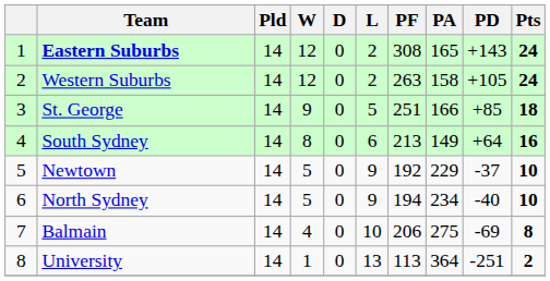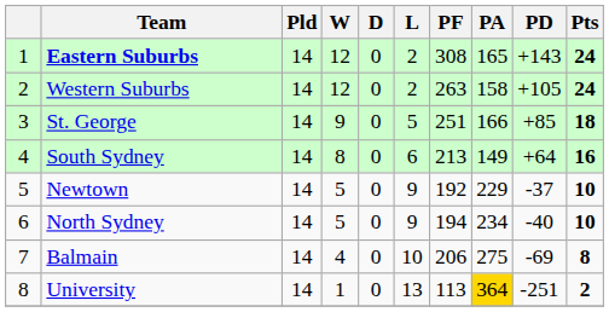 <table class="wikitable" style="text-align:center;">
 <tr>
 <th width=20 abbr="Position"></th>
 <th width=175>Team</th>
 <th width=20 abbr="Played">Pld</th>
 <th width=20 abbr="Won">W</th>
 <th width=20 abbr="Drawn">D</th>
 <th width=20 abbr="Lost">L</th>
 <th width=20 abbr="Points for">PF</th>
 <th width=20 abbr="Points against">PA</th>
 <th width=20 abbr="Points difference">PD</th>
 <th width=20 abbr="Points">Pts</th>
 </tr>
 <tr style="background: #ccffcc;">
 <td>1</td>
 <td style="text-align:left;"> <strong><a href='#'>Eastern Suburbs</a></strong></td>
 <td>14</td>
 <td>12</td>
 <td>0</td>
 <td>2</td>
 <td>308</td>
 <td>165</td>
 <td>+143</td>
 <td><strong>24</strong></td>
 </tr>
 <tr style="background: #ccffcc;">
 <td>2</td>
 <td style="text-align:left;"> <a href='#'>Western Suburbs</a></td>
 <td>14</td>
 <td>12</td>
 <td>0</td>
 <td>2</td>
 <td>263</td>
 <td>158</td>
 <td>+105</td>
 <td><strong>24</strong></td>
 </tr>
 <tr style="background: #ccffcc;">
 <td>3</td>
 <td style="text-align:left;"> <a href='#'>St. George</a></td>
 <td>14</td>
 <td>9</td>
 <td>0</td>
 <td>5</td>
 <td>251</td>
 <td>166</td>
 <td>+85</td>
 <td><strong>18</strong></td>
 </tr>
 <tr style="background: #ccffcc;">
 <td>4</td>
 <td style="text-align:left;"> <a href='#'>South Sydney</a></td>
 <td>14</td>
 <td>8</td>
 <td>0</td>
 <td>6</td>
 <td>213</td>
 <td>149</td>
 <td>+64</td>
 <td><strong>16</strong></td>
 </tr>
 <tr>
 <td>5</td>
 <td style="text-align:left;"> <a href='#'>Newtown</a></td>
 <td>14</td>
 <td>5</td>
 <td>0</td>
 <td>9</td>
 <td>192</td>
 <td>229</td>
 <td>-37</td>
 <td><strong>10</strong></td>
 </tr>
 <tr>
 <td>6</td>
 <td style="text-align:left;"> <a href='#'>North Sydney</a></td>
 <td>14</td>
 <td>5</td>
 <td>0</td>
 <td>9</td>
 <td>194</td>
 <td>234</td>
 <td>-40</td>
 <td><strong>10</strong></td>
 </tr>
 <tr>
 <td>7</td>
 <td style="text-align:left;"> <a href='#'>Balmain</a></td>
 <td>14</td>
 <td>4</td>
 <td>0</td>
 <td>10</td>
 <td>206</td>
 <td>275</td>
 <td>-69</td>
 <td><strong>8</strong></td>
 </tr>
 <tr>
 <td>8</td>
 <td style="text-align:left;"> <a href='#'>University</a></td>
 <td>14</td>
 <td>1</td>
 <td>0</td>
 <td>13</td>
 <td>113</td>
-<td>364</td>
+<td style="background: gold;">364</td>
 <td>-251</td>
 <td><strong>2</strong></td>
 </tr>
 <tr>
 </tr>
 </table>
